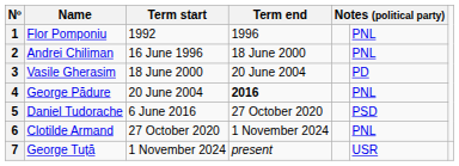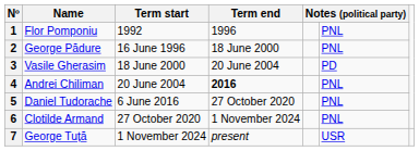 <table class="wikitable">
 <tr>
 <th>Nº</th>
 <th>Name</th>
 <th>Term start</th>
 <th>Term end</th>
 <th colspan=2>Notes <small>(political party)</small></th>
 </tr>
 <tr>
 <th>1</th>
 <td><a href='#'>Flor Pomponiu</a></td>
 <td>1992</td>
 <td>1996</td>
 <td style="background:"></td>
 <td><a href='#'>PNL</a></td>
 </tr>
 <tr>
 <th>2</th>
-<td><a href='#'>Andrei Chiliman</a></td>
+<td><a href='#'>George Pădure</a></td>
 <td>16 June 1996</td>
 <td>18 June 2000</td>
 <td style="background:"></td>
 <td><a href='#'>PNL</a></td>
 </tr>
 <tr>
 <th>3</th>
 <td><a href='#'>Vasile Gherasim</a></td>
 <td>18 June 2000</td>
 <td>20 June 2004</td>
 <td style="background:"></td>
 <td><a href='#'>PD</a></td>
 </tr>
 <tr>
 <th>4</th>
-<td><a href='#'>George Pădure</a></td>
+<td><a href='#'>Andrei Chiliman</a></td>
 <td>20 June 2004</td>
 <td><strong>2016</strong></td>
 <td style="background:"></td>
 <td><a href='#'>PNL</a></td>
 </tr>
 <tr>
 <th>5</th>
 <td><a href='#'>Daniel Tudorache</a></td>
 <td>6 June 2016</td>
 <td>27 October 2020</td>
 <td style="background:"></td>
-<td><a href='#'>PSD</a></td>
+<td><a href='#'>PNL</a></td>
 </tr>
 <tr>
 <th>6</th>
 <td><a href='#'>Clotilde Armand</a></td>
 <td>27 October 2020</td>
 <td>1 November 2024</td>
 <td style="background:"></td>
 <td><a href='#'>PNL</a></td>
 </tr>
 <tr>
 <th>7</th>
 <td><a href='#'>George Tuță</a></td>
 <td>1 November 2024</td>
 <td><em>present</em></td>
 <td style="background:"></td>
 <td><a href='#'>USR</a></td>
 <td></td>
 </tr>
 </table>
